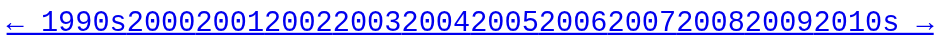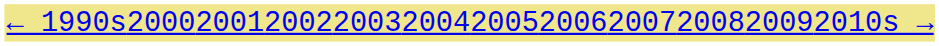 <table id="toc" class="toc" summary="Contents">
 <tr>
 <th></th>
 </tr>
 <tr>
-<td align="center"><a href='#'>← 1990s</a><a href='#'>2000</a><a href='#'>2001</a><a href='#'>2002</a><a href='#'>2003</a><a href='#'>2004</a><a href='#'>2005</a><a href='#'>2006</a><a href='#'>2007</a><a href='#'>2008</a><a href='#'>2009</a><a href='#'>2010s →</a></td>
+<td align="center" style="background: khaki;"><a href='#'>← 1990s</a><a href='#'>2000</a><a href='#'>2001</a><a href='#'>2002</a><a href='#'>2003</a><a href='#'>2004</a><a href='#'>2005</a><a href='#'>2006</a><a href='#'>2007</a><a href='#'>2008</a><a href='#'>2009</a><a href='#'>2010s →</a></td>
 </tr>
 </table>
